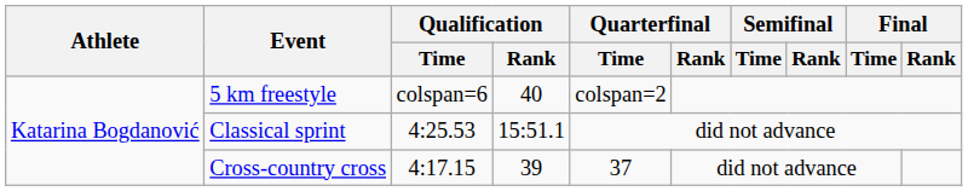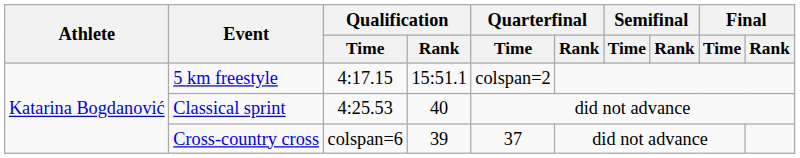 <table class="wikitable" style="font-size:90%">
 <tr>
 <th rowspan="2">Athlete</th>
 <th rowspan="2">Event</th>
 <th colspan="2">Qualification</th>
 <th colspan="2">Quarterfinal</th>
 <th colspan="2">Semifinal</th>
 <th colspan="2">Final</th>
 </tr>
 <tr style="font-size:95%">
 <th>Time</th>
 <th>Rank</th>
 <th>Time</th>
 <th>Rank</th>
 <th>Time</th>
 <th>Rank</th>
 <th>Time</th>
 <th>Rank</th>
 </tr>
 <tr align=center>
 <td align=left rowspan=3><a href='#'>Katarina Bogdanović</a></td>
 <td align=left><a href='#'>5 km freestyle</a></td>
-<td>colspan=6 </td>
-<td>40</td>
+<td>4:17.15</td>
+<td>15:51.1</td>
 <td>colspan=2 </td>
 </tr>
 <tr align=center>
 <td align=left><a href='#'>Classical sprint</a></td>
 <td>4:25.53</td>
-<td>15:51.1</td>
+<td>40</td>
 <td colspan=6>did not advance</td>
 </tr>
 <tr align=center>
 <td align=left><a href='#'>Cross-country cross</a></td>
-<td>4:17.15</td>
+<td>colspan=6 </td>
 <td>39</td>
 <td>37</td>
 <td colspan=4>did not advance</td>
 </tr>
 </table>
